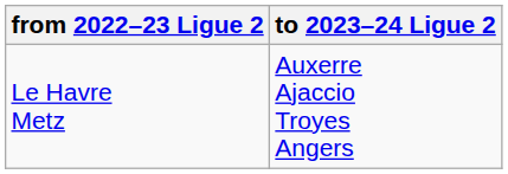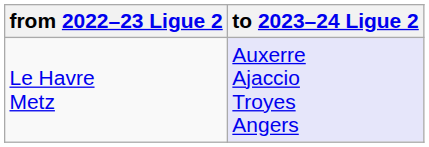 <table class="wikitable">
 <tr>
 <th> from <a href='#'>2022–23 Ligue 2</a></th>
 <th> to <a href='#'>2023–24 Ligue 2</a></th>
 </tr>
 <tr>
 <td><a href='#'>Le Havre</a> <br> <a href='#'>Metz</a></td>
-<td><a href='#'>Auxerre</a> <br> <a href='#'>Ajaccio</a> <br> <a href='#'>Troyes</a> <br> <a href='#'>Angers</a></td>
+<td style="background: lavender;"><a href='#'>Auxerre</a> <br> <a href='#'>Ajaccio</a> <br> <a href='#'>Troyes</a> <br> <a href='#'>Angers</a></td>
 </tr>
 </table>
